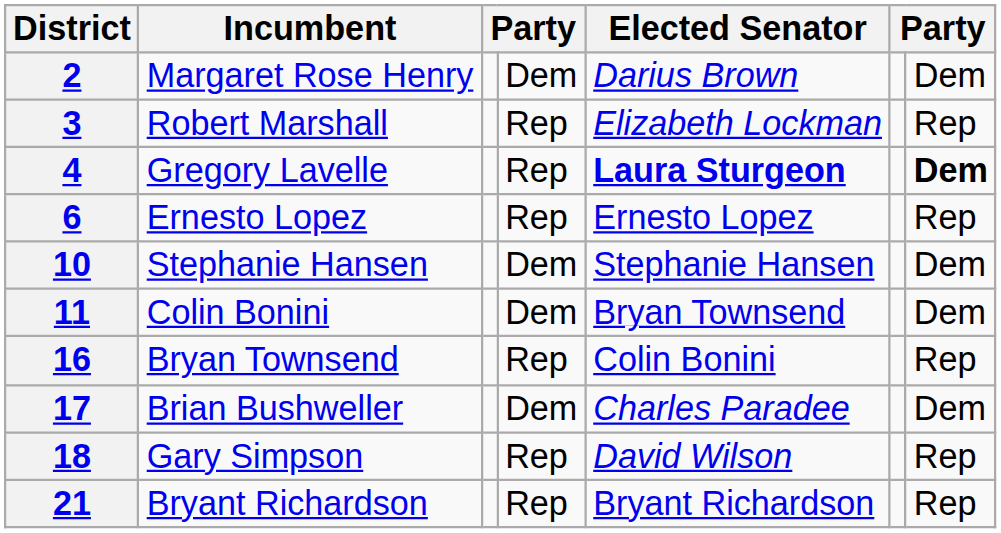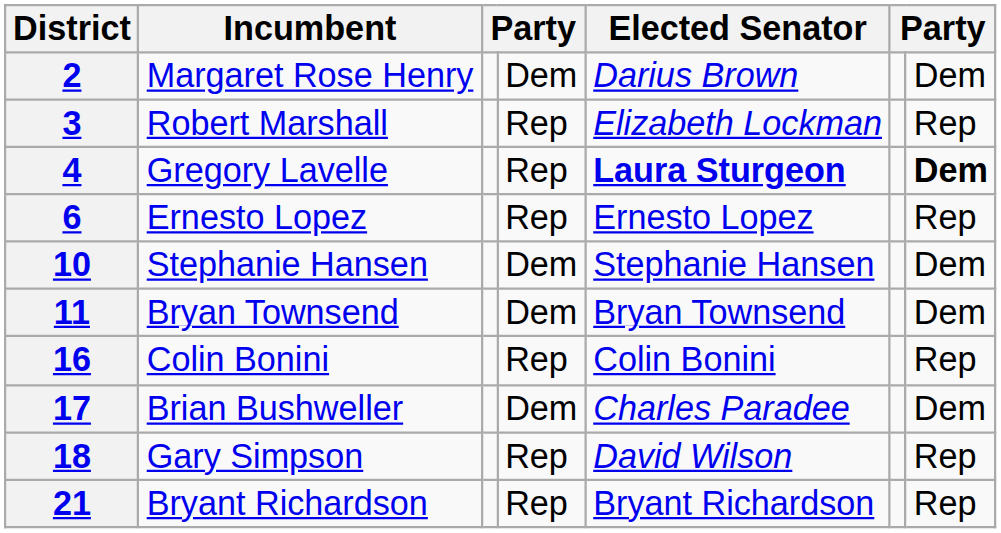 <table class="sortable wikitable" style="font-size:95%;line-height:14px;">
 <tr>
 <th colspan="1">District</th>
 <th class="unsortable">Incumbent</th>
 <th colspan="2">Party</th>
 <th class="unsortable">Elected Senator</th>
 <th colspan="2">Party</th>
 </tr>
 <tr>
 <th><a href='#'>2</a></th>
 <td><a href='#'>Margaret Rose Henry</a></td>
 <td style="background:"></td>
 <td>Dem</td>
 <td><em><a href='#'>Darius Brown</a></em></td>
 <td style="background:"></td>
 <td>Dem</td>
 </tr>
 <tr>
 <th><a href='#'>3</a></th>
 <td><a href='#'>Robert Marshall</a></td>
 <td style="background:"></td>
 <td>Rep</td>
 <td><em><a href='#'>Elizabeth Lockman</a></em></td>
 <td style="background:"></td>
 <td>Rep</td>
 </tr>
 <tr>
 <th><a href='#'>4</a></th>
 <td><a href='#'>Gregory Lavelle</a></td>
 <td style="background:"></td>
 <td>Rep</td>
 <td><strong><a href='#'>Laura Sturgeon</a></strong></td>
 <td style="background:"></td>
 <td><strong>Dem</strong></td>
 </tr>
 <tr>
 <th><a href='#'>6</a></th>
 <td><a href='#'>Ernesto Lopez</a></td>
 <td style="background:"></td>
 <td>Rep</td>
 <td><a href='#'>Ernesto Lopez</a></td>
 <td style="background:"></td>
 <td>Rep</td>
 </tr>
 <tr>
 <th><a href='#'>10</a></th>
 <td><a href='#'>Stephanie Hansen</a></td>
 <td style="background:"></td>
 <td>Dem</td>
 <td><a href='#'>Stephanie Hansen</a></td>
 <td style="background:"></td>
 <td>Dem</td>
 </tr>
 <tr>
 <th><a href='#'>11</a></th>
-<td><a href='#'>Colin Bonini</a></td>
+<td><a href='#'>Bryan Townsend</a></td>
 <td style="background:"></td>
 <td>Dem</td>
 <td><a href='#'>Bryan Townsend</a></td>
 <td style="background:"></td>
 <td>Dem</td>
 </tr>
 <tr>
 <th><a href='#'>16</a></th>
-<td><a href='#'>Bryan Townsend</a></td>
+<td><a href='#'>Colin Bonini</a></td>
 <td style="background:"></td>
 <td>Rep</td>
 <td><a href='#'>Colin Bonini</a></td>
 <td style="background:"></td>
 <td>Rep</td>
 </tr>
 <tr>
 <th><a href='#'>17</a></th>
 <td><a href='#'>Brian Bushweller</a></td>
 <td style="background:"></td>
 <td>Dem</td>
 <td><em><a href='#'>Charles Paradee</a></em></td>
 <td style="background:"></td>
 <td>Dem</td>
 </tr>
 <tr>
 <th><a href='#'>18</a></th>
 <td><a href='#'>Gary Simpson</a></td>
 <td style="background:"></td>
 <td>Rep</td>
 <td><em><a href='#'>David Wilson</a></em></td>
 <td style="background:"></td>
 <td>Rep</td>
 </tr>
 <tr>
 <th><a href='#'>21</a></th>
 <td><a href='#'>Bryant Richardson</a></td>
 <td style="background:"></td>
 <td>Rep</td>
 <td><a href='#'>Bryant Richardson</a></td>
 <td style="background:"></td>
 <td>Rep</td>
 </tr>
 </table>
